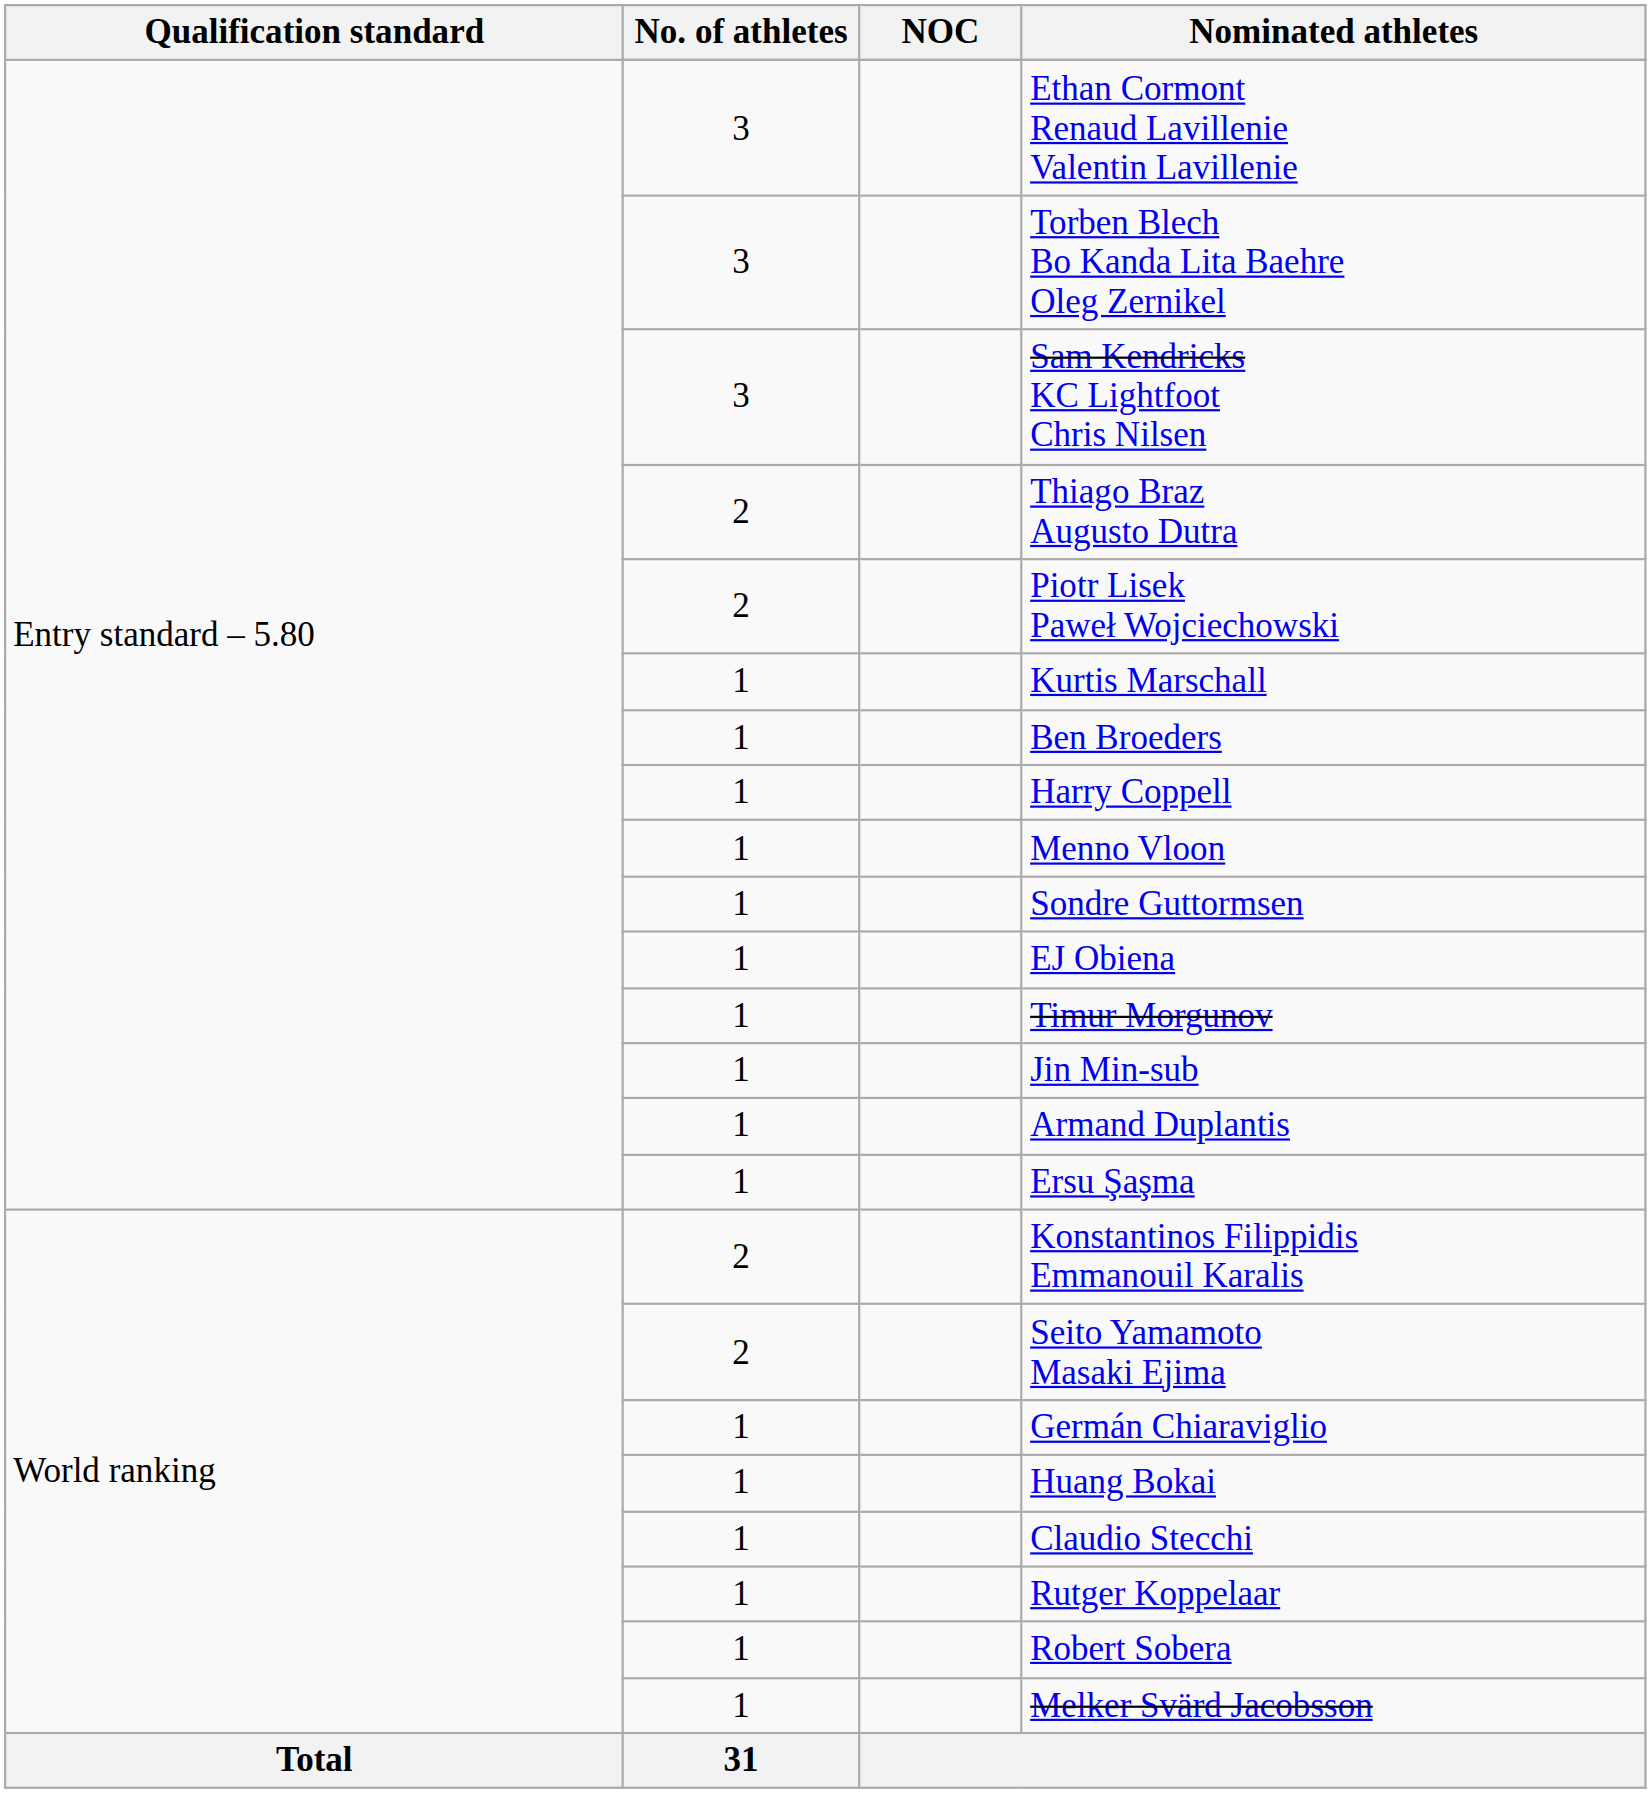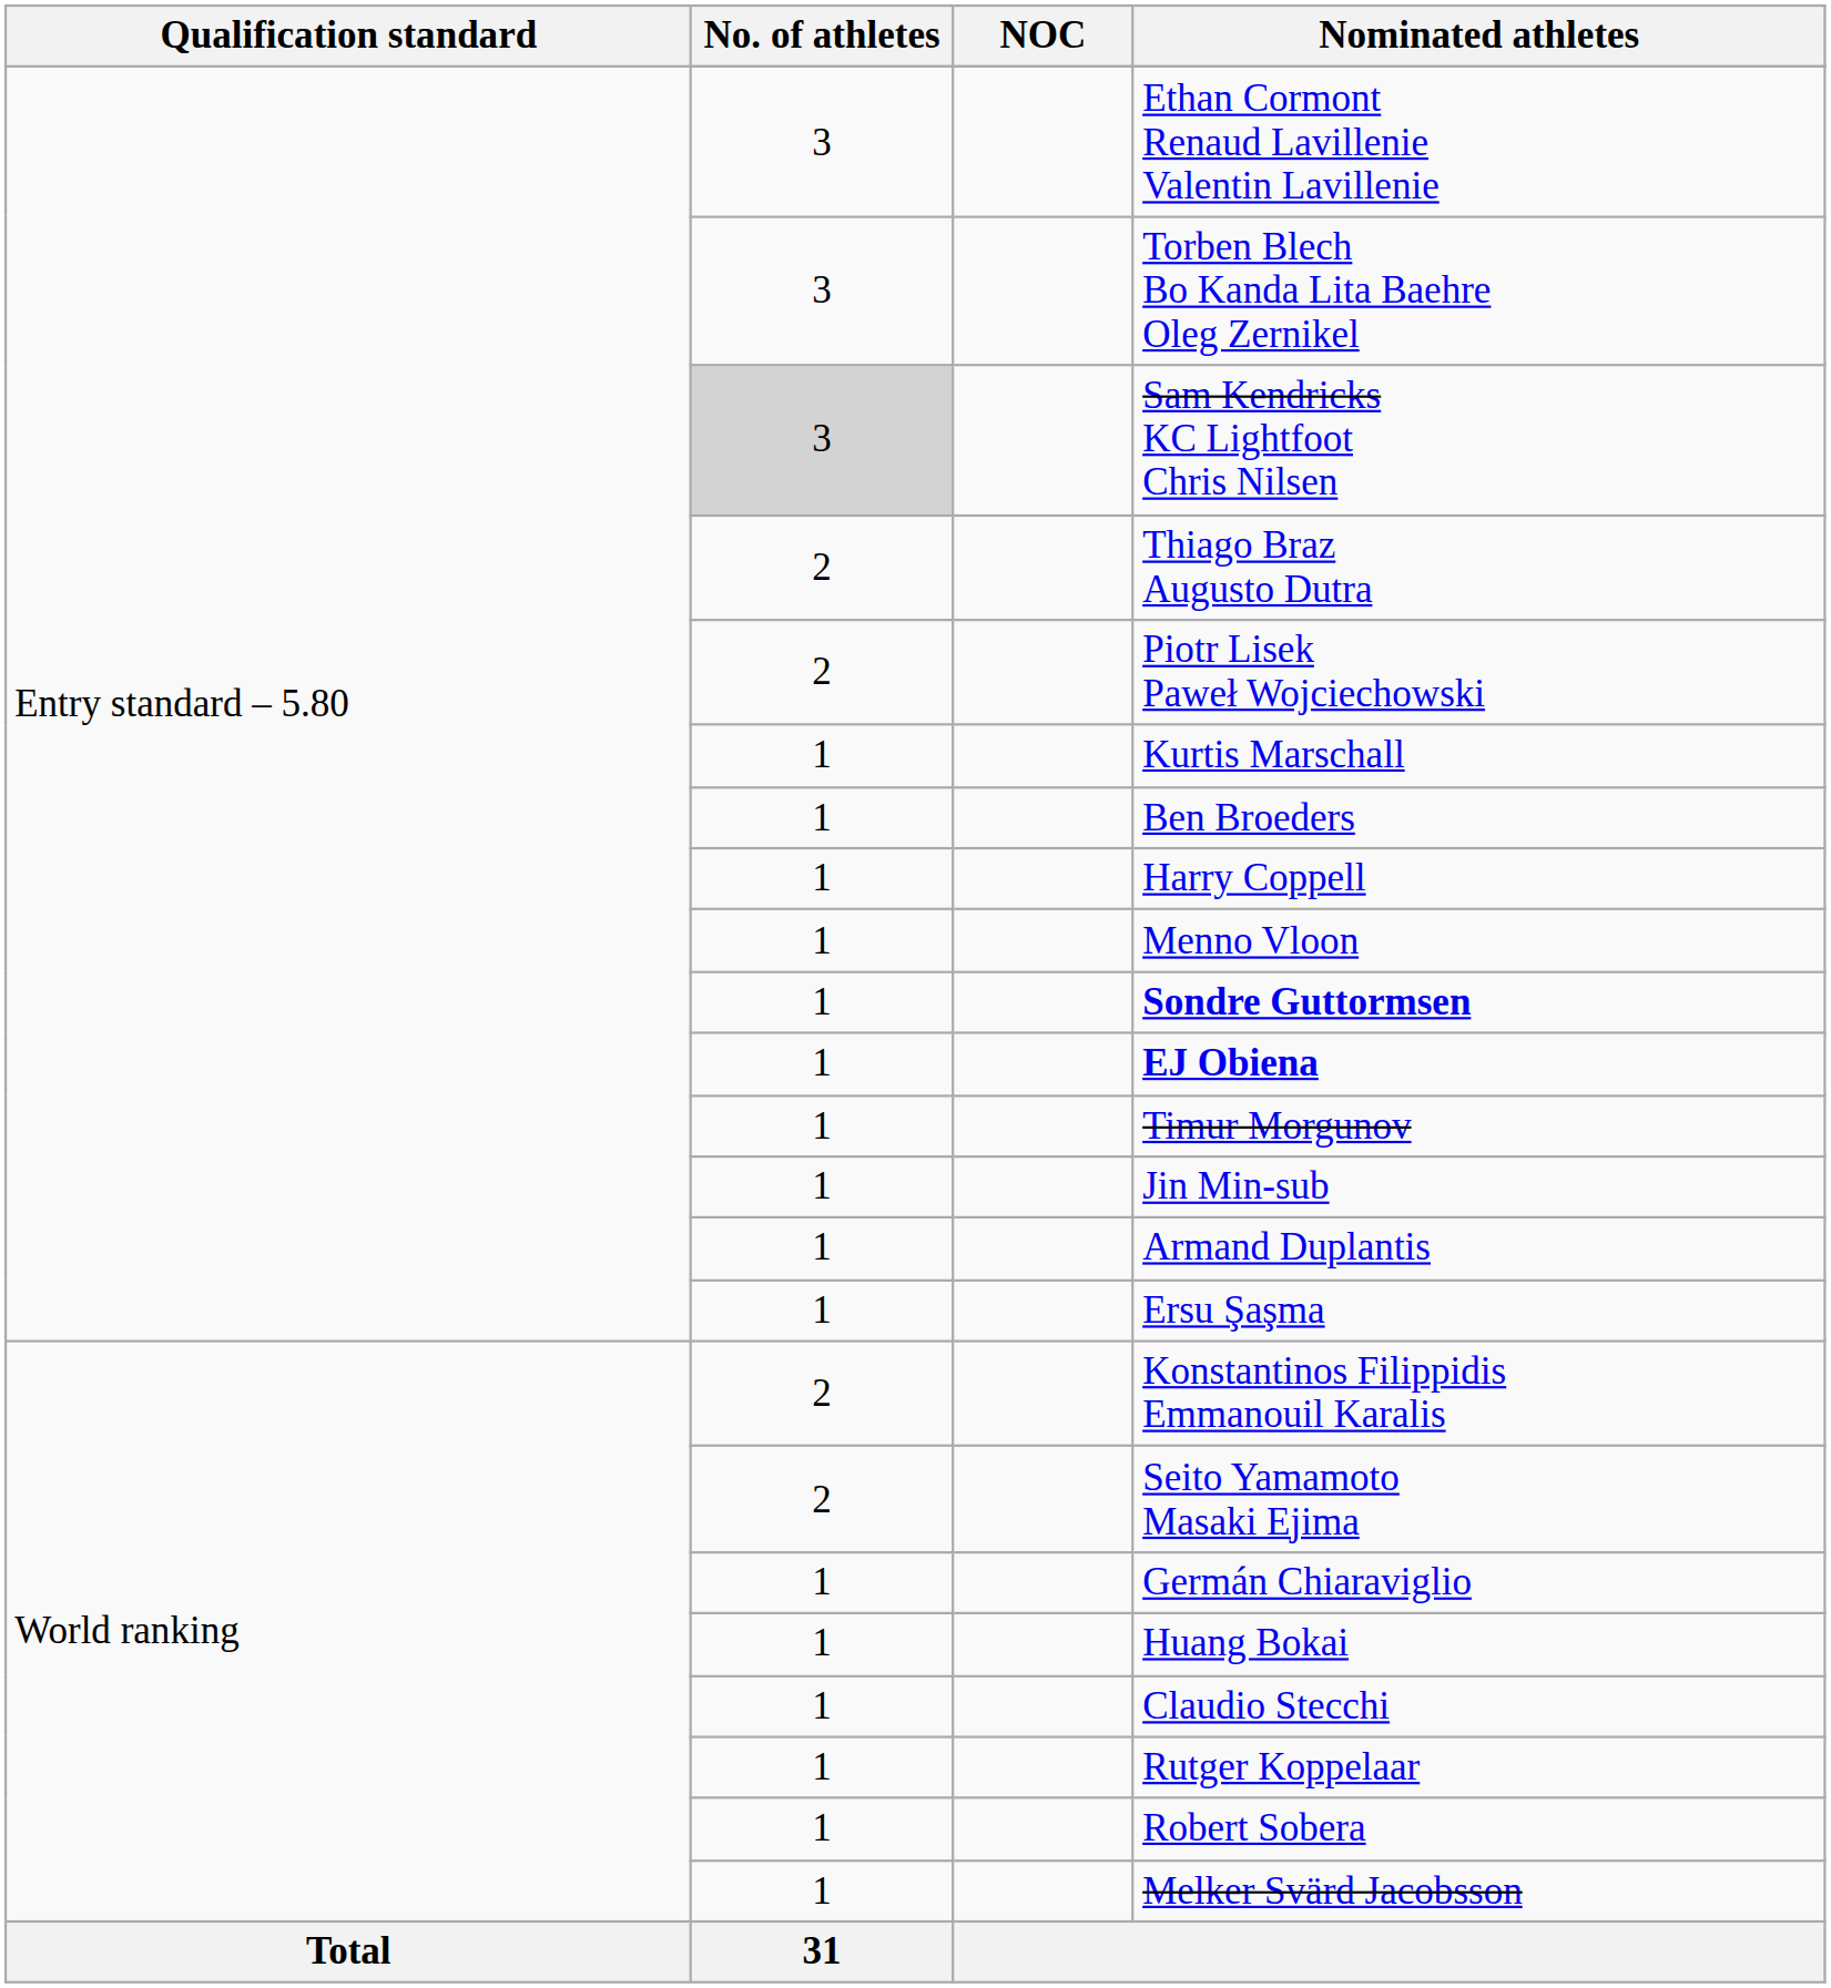 <table class="wikitable" style="text-align:left; width:750px;">
 <tr>
 <th>Qualification standard</th>
 <th width=100>No. of athletes</th>
 <th>NOC</th>
 <th>Nominated athletes</th>
 </tr>
 <tr>
 <td rowspan=16>Entry standard – 5.80</td>
 </tr>
 <tr>
 <td align=center>3</td>
 <td></td>
 <td><a href='#'>Ethan Cormont</a><br> <a href='#'>Renaud Lavillenie</a><br><a href='#'>Valentin Lavillenie</a></td>
 </tr>
 <tr>
 <td align=center>3</td>
 <td></td>
 <td><a href='#'>Torben Blech</a><br><a href='#'>Bo Kanda Lita Baehre</a><br><a href='#'>Oleg Zernikel</a></td>
 </tr>
 <tr>
-<td align=center>3</td>
+<td align=center style="background: lightgrey;">3</td>
 <td></td>
 <td><s><a href='#'>Sam Kendricks</a></s><br><a href='#'>KC Lightfoot</a><br><a href='#'>Chris Nilsen</a></td>
 </tr>
 <tr>
 <td align=center>2</td>
 <td></td>
 <td><a href='#'>Thiago Braz</a><br><a href='#'>Augusto Dutra</a></td>
 </tr>
 <tr>
 <td align=center>2</td>
 <td></td>
 <td><a href='#'>Piotr Lisek</a><br><a href='#'>Paweł Wojciechowski</a></td>
 </tr>
 <tr>
 <td align=center>1</td>
 <td></td>
 <td><a href='#'>Kurtis Marschall</a></td>
 </tr>
 <tr>
 <td align=center>1</td>
 <td></td>
 <td><a href='#'>Ben Broeders</a></td>
 </tr>
 <tr>
 <td align=center>1</td>
 <td></td>
 <td><a href='#'>Harry Coppell</a></td>
 </tr>
 <tr>
 <td align=center>1</td>
 <td></td>
 <td><a href='#'>Menno Vloon</a></td>
 </tr>
 <tr>
 <td align=center>1</td>
 <td></td>
-<td><a href='#'>Sondre Guttormsen</a></td>
+<td><strong><a href='#'>Sondre Guttormsen</a></strong></td>
 </tr>
 <tr>
 <td align=center>1</td>
 <td></td>
-<td><a href='#'>EJ Obiena</a></td>
+<td><strong><a href='#'>EJ Obiena</a></strong></td>
 </tr>
 <tr>
 <td align=center>1</td>
 <td><s></s></td>
 <td><s> <a href='#'>Timur Morgunov</a></s></td>
 </tr>
 <tr>
 <td align=center>1</td>
 <td></td>
 <td><a href='#'>Jin Min-sub</a></td>
 </tr>
 <tr>
 <td align=center>1</td>
 <td></td>
 <td><a href='#'>Armand Duplantis</a></td>
 </tr>
 <tr>
 <td align=center>1</td>
 <td></td>
 <td><a href='#'>Ersu Şaşma</a></td>
 </tr>
 <tr>
 <td rowspan=8>World ranking</td>
 <td align=center>2</td>
 <td></td>
 <td><a href='#'>Konstantinos Filippidis</a><br><a href='#'>Emmanouil Karalis</a></td>
 </tr>
 <tr>
 <td align=center>2</td>
 <td></td>
 <td><a href='#'>Seito Yamamoto</a><br><a href='#'>Masaki Ejima</a></td>
 </tr>
 <tr>
 <td align=center>1</td>
 <td></td>
 <td><a href='#'>Germán Chiaraviglio</a></td>
 </tr>
 <tr>
 <td align=center>1</td>
 <td></td>
 <td><a href='#'>Huang Bokai</a></td>
 </tr>
 <tr>
 <td align=center>1</td>
 <td></td>
 <td><a href='#'>Claudio Stecchi</a></td>
 </tr>
 <tr>
 <td align=center>1</td>
 <td></td>
 <td><a href='#'>Rutger Koppelaar</a></td>
 </tr>
 <tr>
 <td align=center>1</td>
 <td></td>
 <td><a href='#'>Robert Sobera</a></td>
 </tr>
 <tr>
 <td align=center>1</td>
 <td></td>
 <td><s><a href='#'>Melker Svärd Jacobsson</a></s></td>
 </tr>
 <tr>
 <th>Total</th>
 <th>31</th>
 <th colspan=2></th>
 </tr>
 </table>
